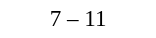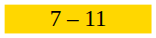 <table style="text-align:center">
 <tr>
 <th width=200></th>
 <th width=100></th>
 <th width=200></th>
 </tr>
 <tr>
 <td align=right></td>
-<td>7 – 11</td>
+<td style="background: gold;">7 – 11</td>
 <td align=left><strong></strong></td>
 </tr>
 </table>
